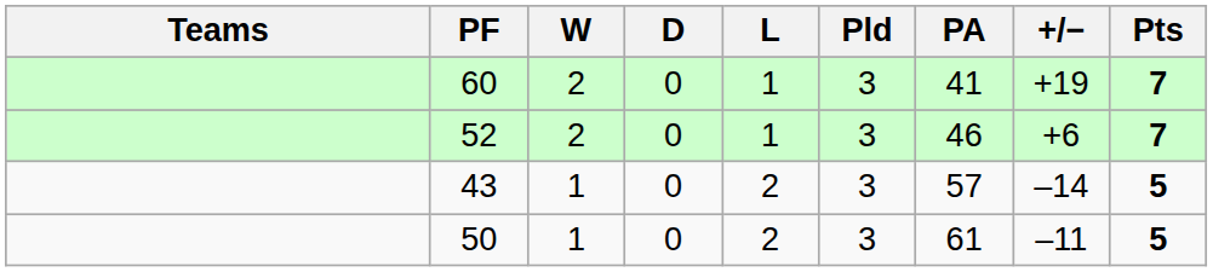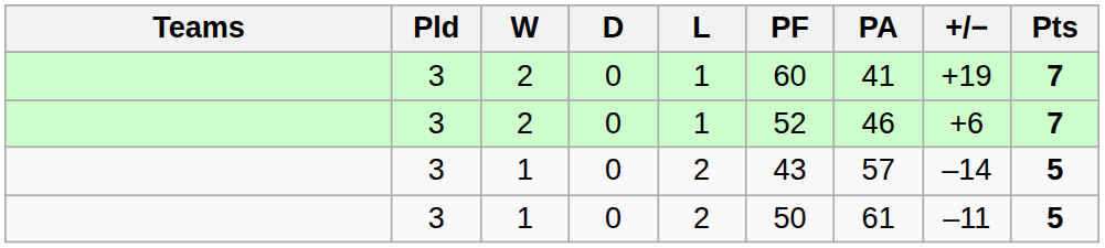 <table class="wikitable" style="text-align: center;">
 <tr>
 <th width="200">Teams</th>
-<th width="40">PF</th>
+<th width="40">Pld</th>
 <th width="40">W</th>
 <th width="40">D</th>
 <th width="40">L</th>
-<th width="40">Pld</th>
+<th width="40">PF</th>
 <th width="40">PA</th>
 <th width="40">+/−</th>
 <th width="40">Pts</th>
 </tr>
 <tr bgcolor=ccffcc>
 <td align=left></td>
-<td>60</td>
+<td>3</td>
 <td>2</td>
 <td>0</td>
 <td>1</td>
-<td>3</td>
+<td>60</td>
 <td>41</td>
 <td>+19</td>
 <td><strong>7</strong></td>
 </tr>
 <tr bgcolor=ccffcc>
 <td align=left></td>
-<td>52</td>
+<td>3</td>
 <td>2</td>
 <td>0</td>
 <td>1</td>
-<td>3</td>
+<td>52</td>
 <td>46</td>
 <td>+6</td>
 <td><strong>7</strong></td>
 </tr>
 <tr>
 <td align=left></td>
-<td>43</td>
+<td>3</td>
 <td>1</td>
 <td>0</td>
 <td>2</td>
-<td>3</td>
+<td>43</td>
 <td>57</td>
 <td>–14</td>
 <td><strong>5</strong></td>
 </tr>
 <tr>
 <td align=left></td>
-<td>50</td>
+<td>3</td>
 <td>1</td>
 <td>0</td>
 <td>2</td>
-<td>3</td>
+<td>50</td>
 <td>61</td>
 <td>–11</td>
 <td><strong>5</strong></td>
 </tr>
 </table>
